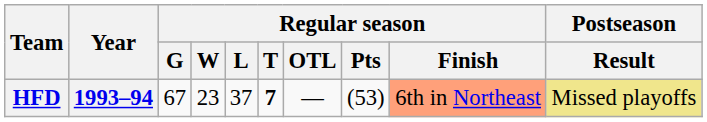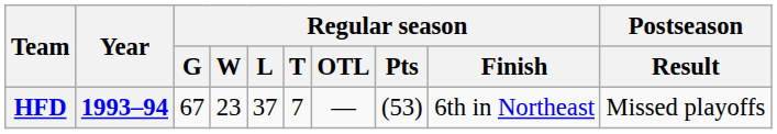 <table class="wikitable" style="font-size: 95%; text-align:center;">
 <tr>
 <th rowspan="2">Team</th>
 <th rowspan="2">Year</th>
 <th colspan="7">Regular season</th>
 <th>Postseason</th>
 </tr>
 <tr>
 <th>G</th>
 <th>W</th>
 <th>L</th>
 <th>T</th>
 <th>OTL</th>
 <th>Pts</th>
 <th>Finish</th>
 <th>Result</th>
 </tr>
 <tr>
 <th><a href='#'>HFD</a></th>
 <th><a href='#'>1993–94</a></th>
 <td>67</td>
 <td>23</td>
 <td>37</td>
-<td><strong>7</strong></td>
+<td>7</td>
 <td>—</td>
 <td>(53)</td>
-<td style="background: lightsalmon;">6th in <a href='#'>Northeast</a></td>
-<td style="background: khaki;">Missed playoffs</td>
+<td>6th in <a href='#'>Northeast</a></td>
+<td>Missed playoffs</td>
 </tr>
 </table>
